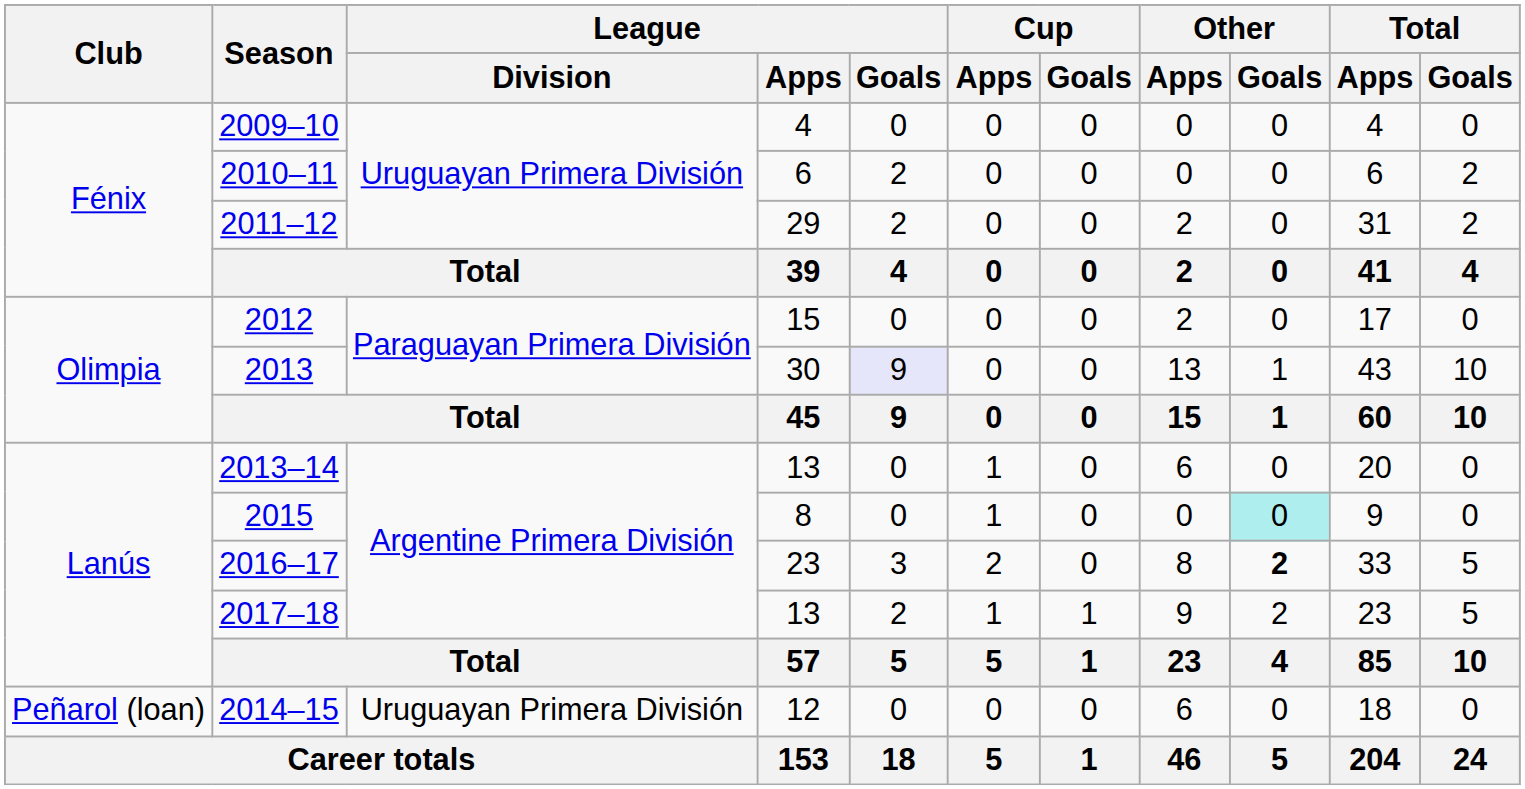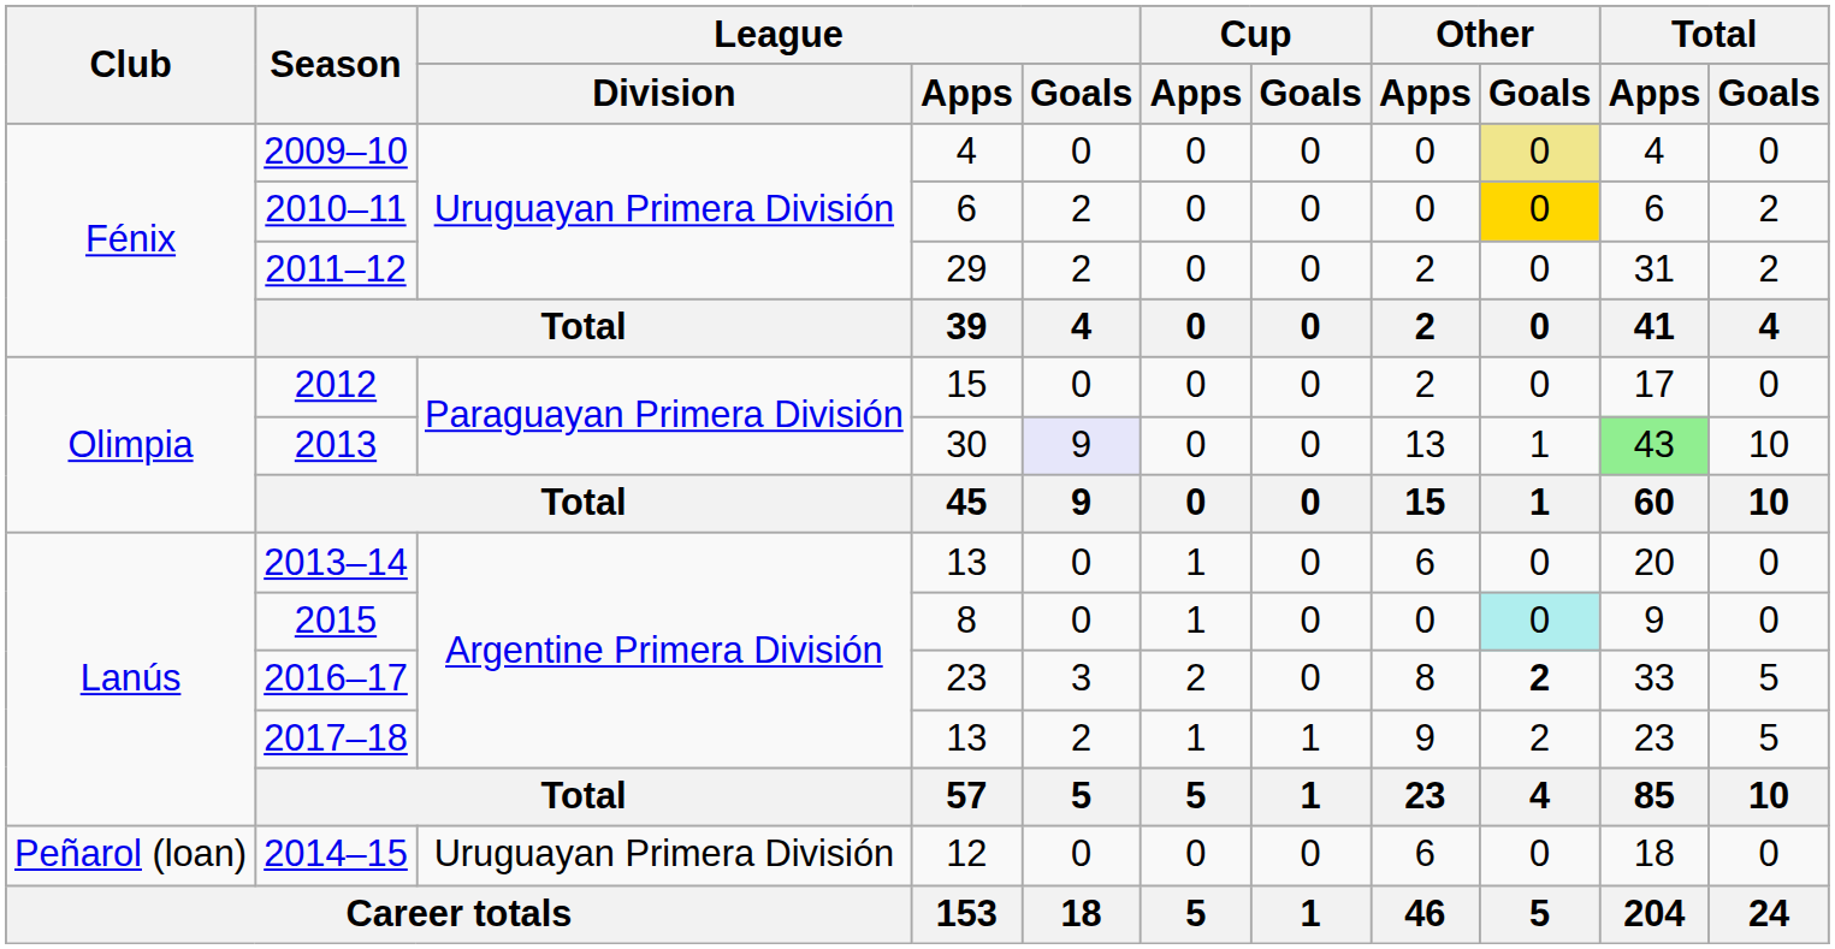 <table class="wikitable" style="text-align: center">
 <tr>
 <th rowspan=2>Club</th>
 <th rowspan=2>Season</th>
 <th colspan=3>League</th>
 <th colspan=2>Cup</th>
 <th colspan=2>Other</th>
 <th colspan=2>Total</th>
 </tr>
 <tr>
 <th>Division</th>
 <th>Apps</th>
 <th>Goals</th>
 <th>Apps</th>
 <th>Goals</th>
 <th>Apps</th>
 <th>Goals</th>
 <th>Apps</th>
 <th>Goals</th>
 </tr>
 <tr>
 <td rowspan=4><a href='#'>Fénix</a></td>
 <td><a href='#'>2009–10</a></td>
 <td rowspan=3><a href='#'>Uruguayan Primera División</a></td>
 <td>4</td>
 <td>0</td>
 <td>0</td>
 <td>0</td>
 <td>0</td>
-<td>0</td>
+<td style="background: khaki;">0</td>
 <td>4</td>
 <td>0</td>
 </tr>
 <tr>
 <td><a href='#'>2010–11</a></td>
 <td>6</td>
 <td>2</td>
 <td>0</td>
 <td>0</td>
 <td>0</td>
-<td>0</td>
+<td style="background: gold;">0</td>
 <td>6</td>
 <td>2</td>
 </tr>
 <tr>
 <td><a href='#'>2011–12</a></td>
 <td>29</td>
 <td>2</td>
 <td>0</td>
 <td>0</td>
 <td>2</td>
 <td>0</td>
 <td>31</td>
 <td>2</td>
 </tr>
 <tr>
 <th colspan=2>Total</th>
 <th>39</th>
 <th>4</th>
 <th>0</th>
 <th>0</th>
 <th>2</th>
 <th>0</th>
 <th>41</th>
 <th>4</th>
 </tr>
 <tr>
 <td rowspan=3><a href='#'>Olimpia</a></td>
 <td><a href='#'>2012</a></td>
 <td rowspan=2><a href='#'>Paraguayan Primera División</a></td>
 <td>15</td>
 <td>0</td>
 <td>0</td>
 <td>0</td>
 <td>2</td>
 <td>0</td>
 <td>17</td>
 <td>0</td>
 </tr>
 <tr>
 <td><a href='#'>2013</a></td>
 <td>30</td>
 <td style="background: lavender;">9</td>
 <td>0</td>
 <td>0</td>
 <td>13</td>
 <td>1</td>
-<td>43</td>
+<td style="background: lightgreen;">43</td>
 <td>10</td>
 </tr>
 <tr>
 <th colspan=2>Total</th>
 <th>45</th>
 <th>9</th>
 <th>0</th>
 <th>0</th>
 <th>15</th>
 <th>1</th>
 <th>60</th>
 <th>10</th>
 </tr>
 <tr>
 <td rowspan=5><a href='#'>Lanús</a></td>
 <td><a href='#'>2013–14</a></td>
 <td rowspan=4><a href='#'>Argentine Primera División</a></td>
 <td>13</td>
 <td>0</td>
 <td>1</td>
 <td>0</td>
 <td>6</td>
 <td>0</td>
 <td>20</td>
 <td>0</td>
 </tr>
 <tr>
 <td><a href='#'>2015</a></td>
 <td>8</td>
 <td>0</td>
 <td>1</td>
 <td>0</td>
 <td>0</td>
 <td style="background: paleturquoise;">0</td>
 <td>9</td>
 <td>0</td>
 </tr>
 <tr>
 <td><a href='#'>2016–17</a></td>
 <td>23</td>
 <td>3</td>
 <td>2</td>
 <td>0</td>
 <td>8</td>
 <td><strong>2</strong></td>
 <td>33</td>
 <td>5</td>
 </tr>
 <tr>
 <td><a href='#'>2017–18</a></td>
 <td>13</td>
 <td>2</td>
 <td>1</td>
 <td>1</td>
 <td>9</td>
 <td>2</td>
 <td>23</td>
 <td>5</td>
 </tr>
 <tr>
 <th colspan=2>Total</th>
 <th>57</th>
 <th>5</th>
 <th>5</th>
 <th>1</th>
 <th>23</th>
 <th>4</th>
 <th>85</th>
 <th>10</th>
 </tr>
 <tr>
 <td><a href='#'>Peñarol</a> (loan)</td>
 <td><a href='#'>2014–15</a></td>
 <td>Uruguayan Primera División</td>
 <td>12</td>
 <td>0</td>
 <td>0</td>
 <td>0</td>
 <td>6</td>
 <td>0</td>
 <td>18</td>
 <td>0</td>
 </tr>
 <tr>
 <th colspan=3>Career totals</th>
 <th>153</th>
 <th>18</th>
 <th>5</th>
 <th>1</th>
 <th>46</th>
 <th>5</th>
 <th>204</th>
 <th>24</th>
 </tr>
 </table>
